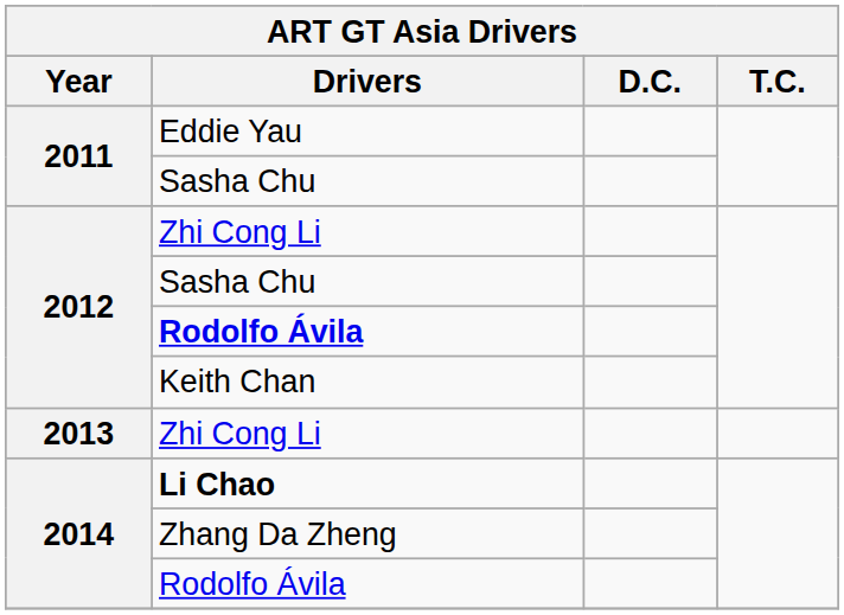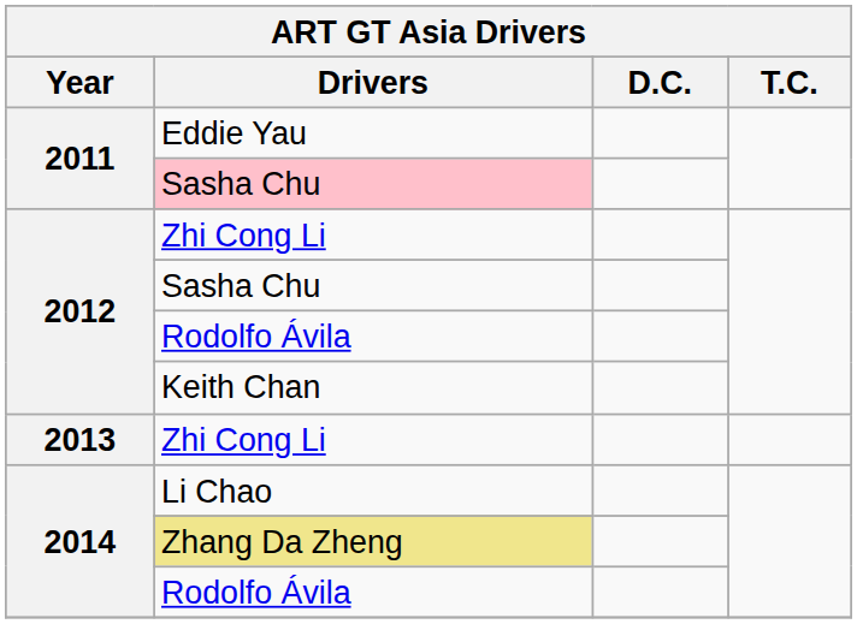 <table class="wikitable collapsible" style="font-size:95%; width:400px">
 <tr>
 <th colspan=10>ART GT Asia Drivers</th>
 </tr>
 <tr>
 <th>Year</th>
 <th>Drivers</th>
 <th>D.C.</th>
 <th>T.C.</th>
 </tr>
 <tr>
 <th rowspan="2"><strong>2011</strong></th>
 <td> Eddie Yau</td>
 <td></td>
 <td rowspan=2></td>
 </tr>
 <tr>
-<td> Sasha Chu</td>
+<td style="background: pink;"> Sasha Chu</td>
 <td></td>
 </tr>
 <tr>
 <th rowspan="4"><strong>2012</strong></th>
 <td> <a href='#'>Zhi Cong Li</a></td>
 <td></td>
 <td rowspan=4></td>
 </tr>
 <tr>
 <td> Sasha Chu</td>
 <td></td>
 </tr>
 <tr>
-<td><strong> <a href='#'>Rodolfo Ávila</a></strong></td>
+<td> <a href='#'>Rodolfo Ávila</a></td>
 <td></td>
 </tr>
 <tr>
 <td> Keith Chan</td>
 <td></td>
 </tr>
 <tr>
 <th rowspan="1"><strong>2013</strong></th>
 <td> <a href='#'>Zhi Cong Li</a></td>
 <td></td>
 <td rowspan=1></td>
 </tr>
 <tr>
 <th rowspan="3"><strong>2014</strong></th>
-<td><strong> Li Chao</strong></td>
+<td> Li Chao</td>
 <td></td>
 <td rowspan=3></td>
 </tr>
 <tr>
-<td> Zhang Da Zheng</td>
+<td style="background: khaki;"> Zhang Da Zheng</td>
 <td></td>
 </tr>
 <tr>
 <td> <a href='#'>Rodolfo Ávila</a></td>
 <td></td>
 </tr>
 <tr>
 </tr>
 </table>
